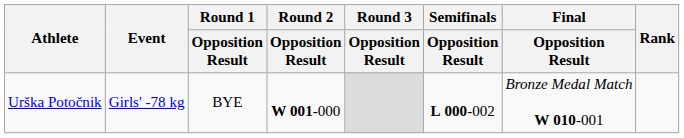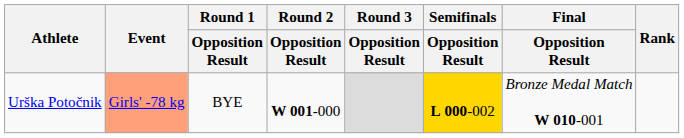 <table class="wikitable" border="1" style="font-size:90%">
 <tr>
 <th rowspan=2>Athlete</th>
 <th rowspan=2>Event</th>
 <th>Round 1</th>
 <th>Round 2</th>
 <th>Round 3</th>
 <th>Semifinals</th>
 <th>Final</th>
 <th rowspan=2>Rank</th>
 </tr>
 <tr>
 <th>Opposition<br>Result</th>
 <th>Opposition<br>Result</th>
 <th>Opposition<br>Result</th>
 <th>Opposition<br>Result</th>
 <th>Opposition<br>Result</th>
 </tr>
 <tr>
 <td><a href='#'>Urška Potočnik</a></td>
-<td><a href='#'>Girls' -78 kg</a></td>
+<td style="background: lightsalmon;"><a href='#'>Girls' -78 kg</a></td>
 <td align=center>BYE</td>
 <td align=center> <br> <strong>W</strong> <strong>001</strong>-000</td>
 <td bgcolor=#DCDCDC></td>
-<td align=center> <br> <strong>L</strong> <strong>000</strong>-002</td>
+<td align=center style="background: gold;"> <br> <strong>L</strong> <strong>000</strong>-002</td>
 <td align=center><em>Bronze Medal Match</em><br> <br> <strong>W</strong> <strong>010</strong>-001</td>
 <td align=center></td>
 </tr>
 </table>
